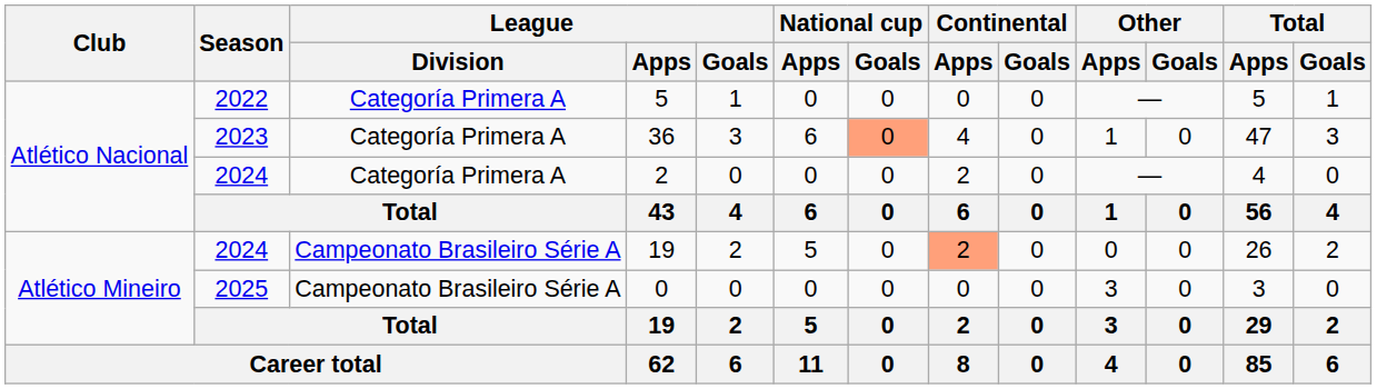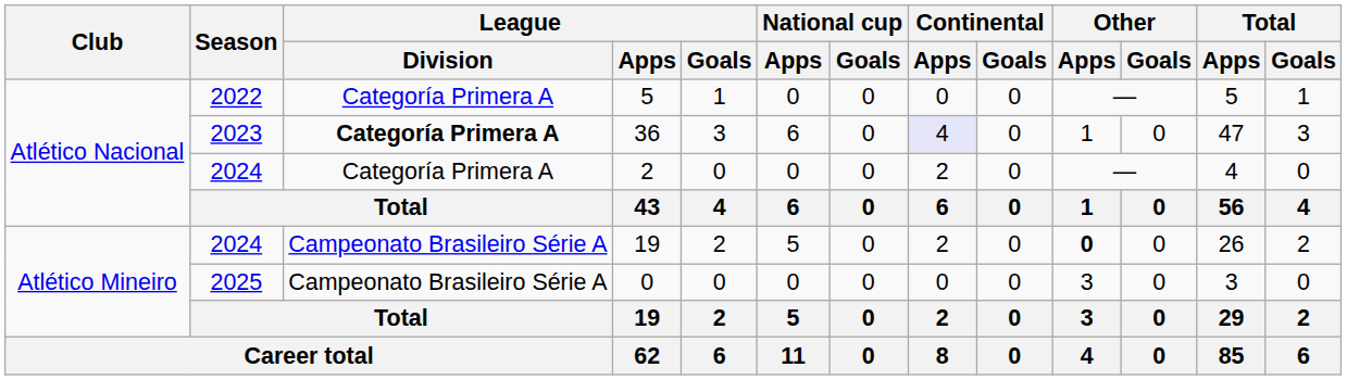 <table class="wikitable" style="text-align:center">
 <tr>
 <th rowspan="2">Club</th>
 <th rowspan="2">Season</th>
 <th colspan="3">League</th>
 <th colspan="2">National cup</th>
 <th colspan="2">Continental</th>
 <th colspan="2">Other</th>
 <th colspan="2">Total</th>
 </tr>
 <tr>
 <th>Division</th>
 <th>Apps</th>
 <th>Goals</th>
 <th>Apps</th>
 <th>Goals</th>
 <th>Apps</th>
 <th>Goals</th>
 <th>Apps</th>
 <th>Goals</th>
 <th>Apps</th>
 <th>Goals</th>
 </tr>
 <tr>
 <td rowspan="4"><a href='#'>Atlético Nacional</a></td>
 <td><a href='#'>2022</a></td>
 <td><a href='#'>Categoría Primera A</a></td>
 <td>5</td>
 <td>1</td>
 <td>0</td>
 <td>0</td>
 <td>0</td>
 <td>0</td>
 <td colspan="2">—</td>
 <td>5</td>
 <td>1</td>
 </tr>
 <tr>
 <td><a href='#'>2023</a></td>
-<td>Categoría Primera A</td>
+<td><strong>Categoría Primera A</strong></td>
 <td>36</td>
 <td>3</td>
 <td>6</td>
-<td style="background: lightsalmon;">0</td>
-<td>4</td>
+<td>0</td>
+<td style="background: lavender;">4</td>
 <td>0</td>
 <td>1</td>
 <td>0</td>
 <td>47</td>
 <td>3</td>
 </tr>
 <tr>
 <td><a href='#'>2024</a></td>
 <td>Categoría Primera A</td>
 <td>2</td>
 <td>0</td>
 <td>0</td>
 <td>0</td>
 <td>2</td>
 <td>0</td>
 <td colspan="2">—</td>
 <td>4</td>
 <td>0</td>
 </tr>
 <tr>
 <th colspan="2">Total</th>
 <th>43</th>
 <th>4</th>
 <th>6</th>
 <th>0</th>
 <th>6</th>
 <th>0</th>
 <th>1</th>
 <th>0</th>
 <th>56</th>
 <th>4</th>
 </tr>
 <tr>
 <td rowspan="3"><a href='#'>Atlético Mineiro</a></td>
 <td><a href='#'>2024</a></td>
 <td><a href='#'>Campeonato Brasileiro Série A</a></td>
 <td>19</td>
 <td>2</td>
 <td>5</td>
 <td>0</td>
-<td style="background: lightsalmon;">2</td>
+<td>2</td>
 <td>0</td>
-<td>0</td>
+<td><strong>0</strong></td>
 <td>0</td>
 <td>26</td>
 <td>2</td>
 </tr>
 <tr>
 <td><a href='#'>2025</a></td>
 <td>Campeonato Brasileiro Série A</td>
 <td>0</td>
 <td>0</td>
 <td>0</td>
 <td>0</td>
 <td>0</td>
 <td>0</td>
 <td>3</td>
 <td>0</td>
 <td>3</td>
 <td>0</td>
 </tr>
 <tr>
 <th colspan="2">Total</th>
 <th>19</th>
 <th>2</th>
 <th>5</th>
 <th>0</th>
 <th>2</th>
 <th>0</th>
 <th>3</th>
 <th>0</th>
 <th>29</th>
 <th>2</th>
 </tr>
 <tr>
 <th colspan="3">Career total</th>
 <th>62</th>
 <th>6</th>
 <th>11</th>
 <th>0</th>
 <th>8</th>
 <th>0</th>
 <th>4</th>
 <th>0</th>
 <th>85</th>
 <th>6</th>
 </tr>
 </table>
